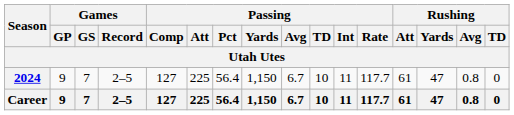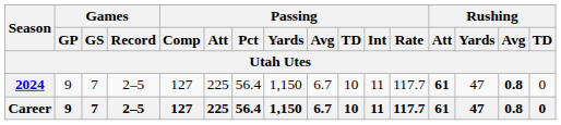 <table class="wikitable" style="text-align:center;">
 <tr>
 <th rowspan="2">Season</th>
 <th colspan="3">Games</th>
 <th colspan="8">Passing</th>
 <th colspan="5">Rushing</th>
 </tr>
 <tr>
 <th>GP</th>
 <th>GS</th>
 <th>Record</th>
 <th>Comp</th>
 <th>Att</th>
 <th>Pct</th>
 <th>Yards</th>
 <th>Avg</th>
 <th>TD</th>
 <th>Int</th>
 <th>Rate</th>
 <th>Att</th>
 <th>Yards</th>
 <th>Avg</th>
 <th>TD</th>
 </tr>
 <tr>
 <th colspan="17">Utah Utes</th>
 </tr>
 <tr>
 <th><a href='#'>2024</a></th>
 <td>9</td>
 <td>7</td>
 <td>2–5</td>
 <td>127</td>
 <td>225</td>
 <td>56.4</td>
 <td>1,150</td>
 <td>6.7</td>
 <td>10</td>
 <td>11</td>
 <td>117.7</td>
-<td>61</td>
+<td><strong>61</strong></td>
 <td>47</td>
-<td>0.8</td>
+<td><strong>0.8</strong></td>
 <td>0</td>
 </tr>
 <tr>
 <th>Career</th>
 <th>9</th>
 <th>7</th>
 <th>2–5</th>
 <th>127</th>
 <th>225</th>
 <th>56.4</th>
 <th>1,150</th>
 <th>6.7</th>
 <th>10</th>
 <th>11</th>
 <th>117.7</th>
 <th>61</th>
 <th>47</th>
 <th>0.8</th>
 <th>0</th>
 </tr>
 </table>
